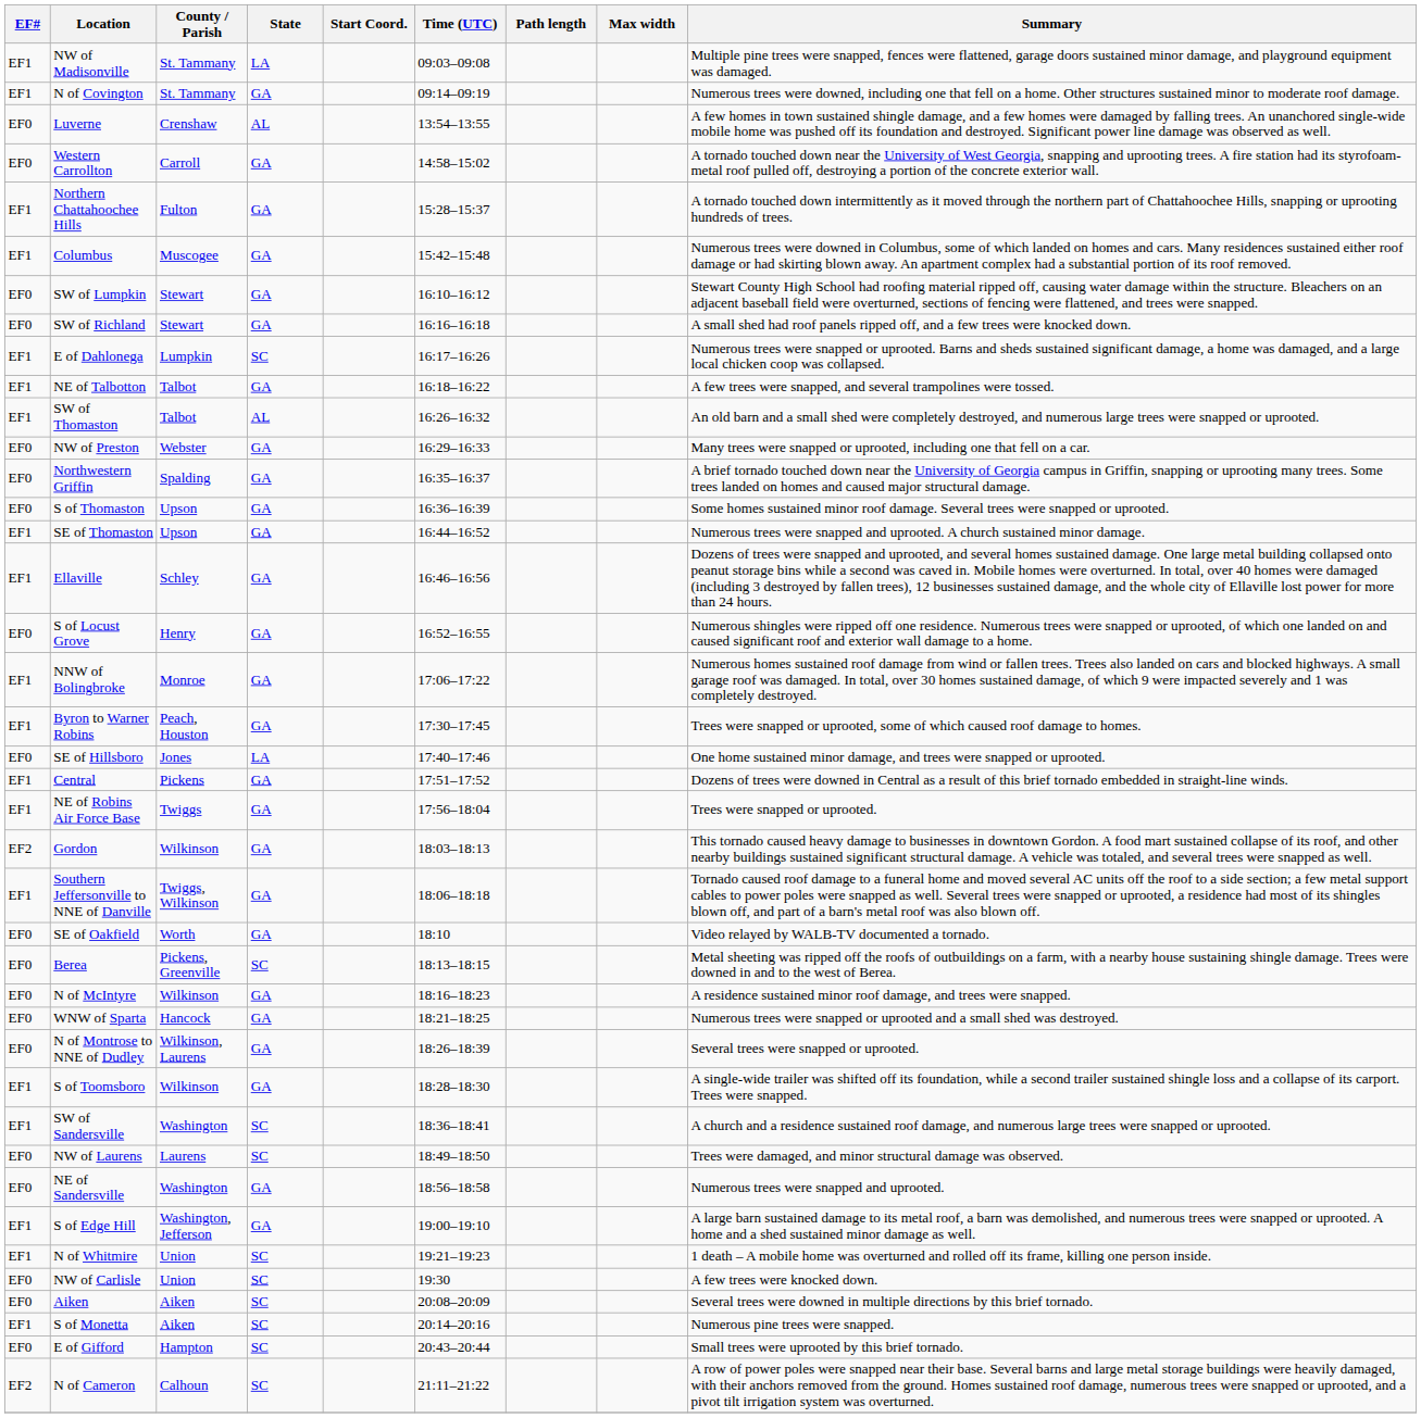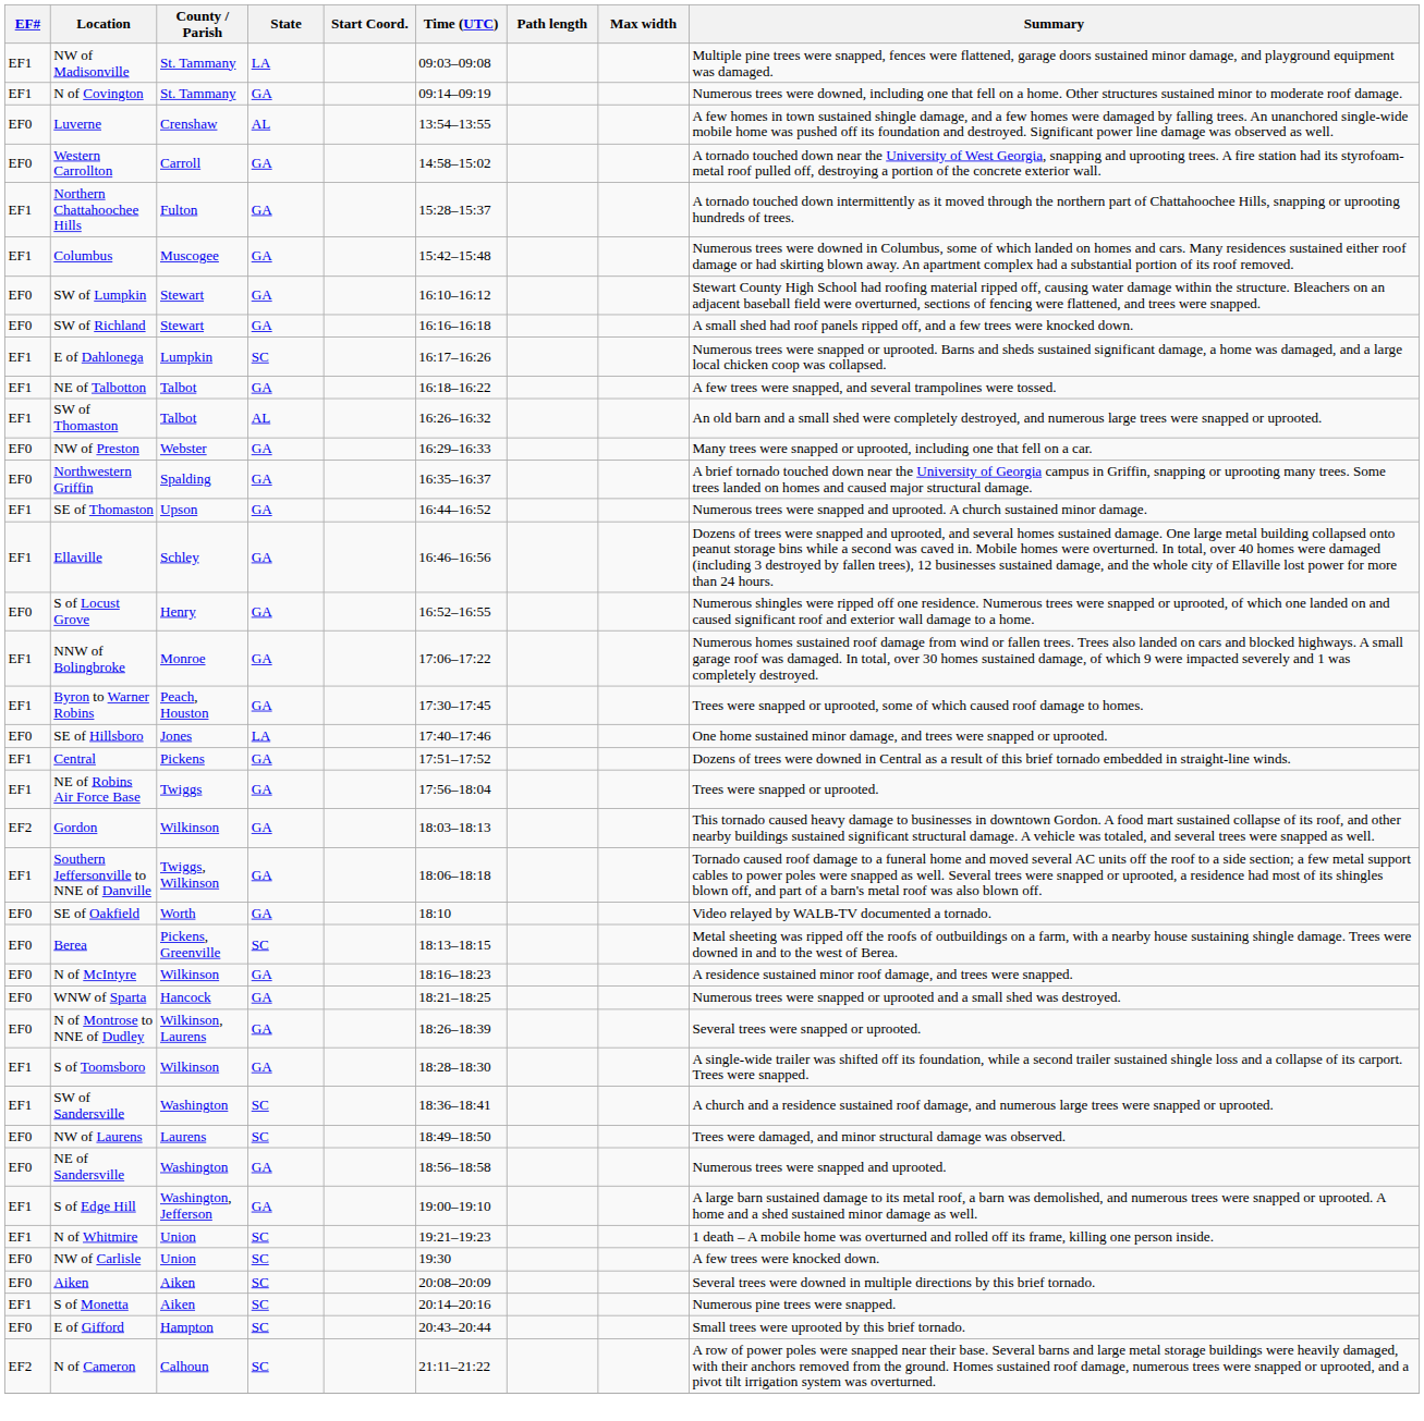 <table class="wikitable sortable" style="width:100%;">
 <tr>
 <th scope="col"  style="width:3%; text-align:center;"><a href='#'>EF#</a></th>
 <th scope="col"  style="width:7%; text-align:center;" class="unsortable">Location</th>
 <th scope="col"  style="width:6%; text-align:center;" class="unsortable">County / Parish</th>
 <th scope="col"  style="width:5%; text-align:center;">State</th>
 <th scope="col"  style="width:6%; text-align:center;">Start Coord.</th>
 <th scope="col"  style="width:6%; text-align:center;">Time (<a href='#'>UTC</a>)</th>
 <th scope="col"  style="width:6%; text-align:center;">Path length</th>
 <th scope="col"  style="width:6%; text-align:center;">Max width</th>
 <th scope="col" class="unsortable" style="width:48%; text-align:center;">Summary</th>
 </tr>
 <tr>
 <td>EF1</td>
 <td>NW of <a href='#'>Madisonville</a></td>
 <td><a href='#'>St. Tammany</a></td>
 <td><a href='#'>LA</a></td>
 <td></td>
 <td>09:03–09:08</td>
 <td></td>
 <td></td>
 <td>Multiple pine trees were snapped, fences were flattened, garage doors sustained minor damage, and playground equipment was damaged.</td>
 </tr>
 <tr>
 <td>EF1</td>
 <td>N of <a href='#'>Covington</a></td>
 <td><a href='#'>St. Tammany</a></td>
 <td><a href='#'>GA</a></td>
 <td></td>
 <td>09:14–09:19</td>
 <td></td>
 <td></td>
 <td>Numerous trees were downed, including one that fell on a home. Other structures sustained minor to moderate roof damage.</td>
 </tr>
 <tr>
 <td>EF0</td>
 <td><a href='#'>Luverne</a></td>
 <td><a href='#'>Crenshaw</a></td>
 <td><a href='#'>AL</a></td>
 <td></td>
 <td>13:54–13:55</td>
 <td></td>
 <td></td>
 <td>A few homes in town sustained shingle damage, and a few homes were damaged by falling trees. An unanchored single-wide mobile home was pushed off its foundation and destroyed. Significant power line damage was observed as well.</td>
 </tr>
 <tr>
 <td>EF0</td>
 <td><a href='#'>Western Carrollton</a></td>
 <td><a href='#'>Carroll</a></td>
 <td><a href='#'>GA</a></td>
 <td></td>
 <td>14:58–15:02</td>
 <td></td>
 <td></td>
 <td>A tornado touched down near the <a href='#'>University of West Georgia</a>, snapping and uprooting trees. A fire station had its styrofoam-metal roof pulled off, destroying a portion of the concrete exterior wall.</td>
 </tr>
 <tr>
 <td>EF1</td>
 <td><a href='#'>Northern Chattahoochee Hills</a></td>
 <td><a href='#'>Fulton</a></td>
 <td><a href='#'>GA</a></td>
 <td></td>
 <td>15:28–15:37</td>
 <td></td>
 <td></td>
 <td>A tornado touched down intermittently as it moved through the northern part of Chattahoochee Hills, snapping or uprooting hundreds of trees.</td>
 </tr>
 <tr>
 <td>EF1</td>
 <td><a href='#'>Columbus</a></td>
 <td><a href='#'>Muscogee</a></td>
 <td><a href='#'>GA</a></td>
 <td></td>
 <td>15:42–15:48</td>
 <td></td>
 <td></td>
 <td>Numerous trees were downed in Columbus, some of which landed on homes and cars. Many residences sustained either roof damage or had skirting blown away. An apartment complex had a substantial portion of its roof removed.</td>
 </tr>
 <tr>
 <td>EF0</td>
 <td>SW of <a href='#'>Lumpkin</a></td>
 <td><a href='#'>Stewart</a></td>
 <td><a href='#'>GA</a></td>
 <td></td>
 <td>16:10–16:12</td>
 <td></td>
 <td></td>
 <td>Stewart County High School had roofing material ripped off, causing water damage within the structure. Bleachers on an adjacent baseball field were overturned, sections of fencing were flattened, and trees were snapped.</td>
 </tr>
 <tr>
 <td>EF0</td>
 <td>SW of <a href='#'>Richland</a></td>
 <td><a href='#'>Stewart</a></td>
 <td><a href='#'>GA</a></td>
 <td></td>
 <td>16:16–16:18</td>
 <td></td>
 <td></td>
 <td>A small shed had roof panels ripped off, and a few trees were knocked down.</td>
 </tr>
 <tr>
 <td>EF1</td>
 <td>E of <a href='#'>Dahlonega</a></td>
 <td><a href='#'>Lumpkin</a></td>
 <td><a href='#'>SC</a></td>
 <td></td>
 <td>16:17–16:26</td>
 <td></td>
 <td></td>
 <td>Numerous trees were snapped or uprooted. Barns and sheds sustained significant damage, a home was damaged, and a large local chicken coop was collapsed.</td>
 </tr>
 <tr>
 <td>EF1</td>
 <td>NE of <a href='#'>Talbotton</a></td>
 <td><a href='#'>Talbot</a></td>
 <td><a href='#'>GA</a></td>
 <td></td>
 <td>16:18–16:22</td>
 <td></td>
 <td></td>
 <td>A few trees were snapped, and several trampolines were tossed.</td>
 </tr>
 <tr>
 <td>EF1</td>
 <td>SW of <a href='#'>Thomaston</a></td>
 <td><a href='#'>Talbot</a></td>
 <td><a href='#'>AL</a></td>
 <td></td>
 <td>16:26–16:32</td>
 <td></td>
 <td></td>
 <td>An old barn and a small shed were completely destroyed, and numerous large trees were snapped or uprooted.</td>
 </tr>
 <tr>
 <td>EF0</td>
 <td>NW of <a href='#'>Preston</a></td>
 <td><a href='#'>Webster</a></td>
 <td><a href='#'>GA</a></td>
 <td></td>
 <td>16:29–16:33</td>
 <td></td>
 <td></td>
 <td>Many trees were snapped or uprooted, including one that fell on a car.</td>
 </tr>
 <tr>
 <td>EF0</td>
 <td><a href='#'>Northwestern Griffin</a></td>
 <td><a href='#'>Spalding</a></td>
 <td><a href='#'>GA</a></td>
 <td></td>
 <td>16:35–16:37</td>
 <td></td>
 <td></td>
 <td>A brief tornado touched down near the <a href='#'>University of Georgia</a> campus in Griffin, snapping or uprooting many trees. Some trees landed on homes and caused major structural damage.</td>
-</tr>
-<tr>
-<td>EF0</td>
-<td>S of <a href='#'>Thomaston</a></td>
-<td><a href='#'>Upson</a></td>
-<td><a href='#'>GA</a></td>
-<td></td>
-<td>16:36–16:39</td>
-<td></td>
-<td></td>
-<td>Some homes sustained minor roof damage. Several trees were snapped or uprooted.</td>
 </tr>
 <tr>
 <td>EF1</td>
 <td>SE of <a href='#'>Thomaston</a></td>
 <td><a href='#'>Upson</a></td>
 <td><a href='#'>GA</a></td>
 <td></td>
 <td>16:44–16:52</td>
 <td></td>
 <td></td>
 <td>Numerous trees were snapped and uprooted. A church sustained minor damage.</td>
 </tr>
 <tr>
 <td>EF1</td>
 <td><a href='#'>Ellaville</a></td>
 <td><a href='#'>Schley</a></td>
 <td><a href='#'>GA</a></td>
 <td></td>
 <td>16:46–16:56</td>
 <td></td>
 <td></td>
 <td>Dozens of trees were snapped and uprooted, and several homes sustained damage. One large metal building collapsed onto peanut storage bins while a second was caved in. Mobile homes were overturned. In total, over 40 homes were damaged (including 3 destroyed by fallen trees), 12 businesses sustained damage, and the whole city of Ellaville lost power for more than 24 hours.</td>
 </tr>
 <tr>
 <td>EF0</td>
 <td>S of <a href='#'>Locust Grove</a></td>
 <td><a href='#'>Henry</a></td>
 <td><a href='#'>GA</a></td>
 <td></td>
 <td>16:52–16:55</td>
 <td></td>
 <td></td>
 <td>Numerous shingles were ripped off one residence. Numerous trees were snapped or uprooted, of which one landed on and caused significant roof and exterior wall damage to a home.</td>
 </tr>
 <tr>
 <td>EF1</td>
 <td>NNW of <a href='#'>Bolingbroke</a></td>
 <td><a href='#'>Monroe</a></td>
 <td><a href='#'>GA</a></td>
 <td></td>
 <td>17:06–17:22</td>
 <td></td>
 <td></td>
 <td>Numerous homes sustained roof damage from wind or fallen trees. Trees also landed on cars and blocked highways. A small garage roof was damaged. In total, over 30 homes sustained damage, of which 9 were impacted severely and 1 was completely destroyed.</td>
 </tr>
 <tr>
 <td>EF1</td>
 <td><a href='#'>Byron</a> to <a href='#'>Warner Robins</a></td>
 <td><a href='#'>Peach</a>, <a href='#'>Houston</a></td>
 <td><a href='#'>GA</a></td>
 <td></td>
 <td>17:30–17:45</td>
 <td></td>
 <td></td>
 <td>Trees were snapped or uprooted, some of which caused roof damage to homes.</td>
 </tr>
 <tr>
 <td>EF0</td>
 <td>SE of <a href='#'>Hillsboro</a></td>
 <td><a href='#'>Jones</a></td>
 <td><a href='#'>LA</a></td>
 <td></td>
 <td>17:40–17:46</td>
 <td></td>
 <td></td>
 <td>One home sustained minor damage, and trees were snapped or uprooted.</td>
 </tr>
 <tr>
 <td>EF1</td>
 <td><a href='#'>Central</a></td>
 <td><a href='#'>Pickens</a></td>
 <td><a href='#'>GA</a></td>
 <td></td>
 <td>17:51–17:52</td>
 <td></td>
 <td></td>
 <td>Dozens of trees were downed in Central as a result of this brief tornado embedded in straight-line winds.</td>
 </tr>
 <tr>
 <td>EF1</td>
 <td>NE of <a href='#'>Robins Air Force Base</a></td>
 <td><a href='#'>Twiggs</a></td>
 <td><a href='#'>GA</a></td>
 <td></td>
 <td>17:56–18:04</td>
 <td></td>
 <td></td>
 <td>Trees were snapped or uprooted.</td>
 </tr>
 <tr>
 <td>EF2</td>
 <td><a href='#'>Gordon</a></td>
 <td><a href='#'>Wilkinson</a></td>
 <td><a href='#'>GA</a></td>
 <td></td>
 <td>18:03–18:13</td>
 <td></td>
 <td></td>
 <td>This tornado caused heavy damage to businesses in downtown Gordon. A food mart sustained collapse of its roof, and other nearby buildings sustained significant structural damage. A vehicle was totaled, and several trees were snapped as well.</td>
 </tr>
 <tr>
 <td>EF1</td>
 <td><a href='#'>Southern Jeffersonville</a> to NNE of <a href='#'>Danville</a></td>
 <td><a href='#'>Twiggs</a>, <a href='#'>Wilkinson</a></td>
 <td><a href='#'>GA</a></td>
 <td></td>
 <td>18:06–18:18</td>
 <td></td>
 <td></td>
 <td>Tornado caused roof damage to a funeral home and moved several AC units off the roof to a side section; a few metal support cables to power poles were snapped as well. Several trees were snapped or uprooted, a residence had most of its shingles blown off, and part of a barn's metal roof was also blown off.</td>
 </tr>
 <tr>
 <td>EF0</td>
 <td>SE of <a href='#'>Oakfield</a></td>
 <td><a href='#'>Worth</a></td>
 <td><a href='#'>GA</a></td>
 <td></td>
 <td>18:10</td>
 <td></td>
 <td></td>
 <td>Video relayed by WALB-TV documented a tornado.</td>
 </tr>
 <tr>
 <td>EF0</td>
 <td><a href='#'>Berea</a></td>
 <td><a href='#'>Pickens</a>, <a href='#'>Greenville</a></td>
 <td><a href='#'>SC</a></td>
 <td></td>
 <td>18:13–18:15</td>
 <td></td>
 <td></td>
 <td>Metal sheeting was ripped off the roofs of outbuildings on a farm, with a nearby house sustaining shingle damage. Trees were downed in and to the west of Berea.</td>
 </tr>
 <tr>
 <td>EF0</td>
 <td>N of <a href='#'>McIntyre</a></td>
 <td><a href='#'>Wilkinson</a></td>
 <td><a href='#'>GA</a></td>
 <td></td>
 <td>18:16–18:23</td>
 <td></td>
 <td></td>
 <td>A residence sustained minor roof damage, and trees were snapped.</td>
 </tr>
 <tr>
 <td>EF0</td>
 <td>WNW of <a href='#'>Sparta</a></td>
 <td><a href='#'>Hancock</a></td>
 <td><a href='#'>GA</a></td>
 <td></td>
 <td>18:21–18:25</td>
 <td></td>
 <td></td>
 <td>Numerous trees were snapped or uprooted and a small shed was destroyed.</td>
 </tr>
 <tr>
 <td>EF0</td>
 <td>N of <a href='#'>Montrose</a> to NNE of <a href='#'>Dudley</a></td>
 <td><a href='#'>Wilkinson</a>, <a href='#'>Laurens</a></td>
 <td><a href='#'>GA</a></td>
 <td></td>
 <td>18:26–18:39</td>
 <td></td>
 <td></td>
 <td>Several trees were snapped or uprooted.</td>
 </tr>
 <tr>
 <td>EF1</td>
 <td>S of <a href='#'>Toomsboro</a></td>
 <td><a href='#'>Wilkinson</a></td>
 <td><a href='#'>GA</a></td>
 <td></td>
 <td>18:28–18:30</td>
 <td></td>
 <td></td>
 <td>A single-wide trailer was shifted off its foundation, while a second trailer sustained shingle loss and a collapse of its carport. Trees were snapped.</td>
 </tr>
 <tr>
 <td>EF1</td>
 <td>SW of <a href='#'>Sandersville</a></td>
 <td><a href='#'>Washington</a></td>
 <td><a href='#'>SC</a></td>
 <td></td>
 <td>18:36–18:41</td>
 <td></td>
 <td></td>
 <td>A church and a residence sustained roof damage, and numerous large trees were snapped or uprooted.</td>
 </tr>
 <tr>
 <td>EF0</td>
 <td>NW of <a href='#'>Laurens</a></td>
 <td><a href='#'>Laurens</a></td>
 <td><a href='#'>SC</a></td>
 <td></td>
 <td>18:49–18:50</td>
 <td></td>
 <td></td>
 <td>Trees were damaged, and minor structural damage was observed.</td>
 </tr>
 <tr>
 <td>EF0</td>
 <td>NE of <a href='#'>Sandersville</a></td>
 <td><a href='#'>Washington</a></td>
 <td><a href='#'>GA</a></td>
 <td></td>
 <td>18:56–18:58</td>
 <td></td>
 <td></td>
 <td>Numerous trees were snapped and uprooted.</td>
 </tr>
 <tr>
 <td>EF1</td>
 <td>S of <a href='#'>Edge Hill</a></td>
 <td><a href='#'>Washington</a>, <a href='#'>Jefferson</a></td>
 <td><a href='#'>GA</a></td>
 <td></td>
 <td>19:00–19:10</td>
 <td></td>
 <td></td>
 <td>A large barn sustained damage to its metal roof, a barn was demolished, and numerous trees were snapped or uprooted. A home and a shed sustained minor damage as well.</td>
 </tr>
 <tr>
 <td>EF1</td>
 <td>N of <a href='#'>Whitmire</a></td>
 <td><a href='#'>Union</a></td>
 <td><a href='#'>SC</a></td>
 <td></td>
 <td>19:21–19:23</td>
 <td></td>
 <td></td>
 <td>1 death – A mobile home was overturned and rolled off its frame, killing one person inside.</td>
 </tr>
 <tr>
 <td>EF0</td>
 <td>NW of <a href='#'>Carlisle</a></td>
 <td><a href='#'>Union</a></td>
 <td><a href='#'>SC</a></td>
 <td></td>
 <td>19:30</td>
 <td></td>
 <td></td>
 <td>A few trees were knocked down.</td>
 </tr>
 <tr>
 <td>EF0</td>
 <td><a href='#'>Aiken</a></td>
 <td><a href='#'>Aiken</a></td>
 <td><a href='#'>SC</a></td>
 <td></td>
 <td>20:08–20:09</td>
 <td></td>
 <td></td>
 <td>Several trees were downed in multiple directions by this brief tornado.</td>
 </tr>
 <tr>
 <td>EF1</td>
 <td>S of <a href='#'>Monetta</a></td>
 <td><a href='#'>Aiken</a></td>
 <td><a href='#'>SC</a></td>
 <td></td>
 <td>20:14–20:16</td>
 <td></td>
 <td></td>
 <td>Numerous pine trees were snapped.</td>
 </tr>
 <tr>
 <td>EF0</td>
 <td>E of <a href='#'>Gifford</a></td>
 <td><a href='#'>Hampton</a></td>
 <td><a href='#'>SC</a></td>
 <td></td>
 <td>20:43–20:44</td>
 <td></td>
 <td></td>
 <td>Small trees were uprooted by this brief tornado.</td>
 </tr>
 <tr>
 <td>EF2</td>
 <td>N of <a href='#'>Cameron</a></td>
 <td><a href='#'>Calhoun</a></td>
 <td><a href='#'>SC</a></td>
 <td></td>
 <td>21:11–21:22</td>
 <td></td>
 <td></td>
 <td>A row of power poles were snapped near their base. Several barns and large metal storage buildings were heavily damaged, with their anchors removed from the ground. Homes sustained roof damage, numerous trees were snapped or uprooted, and a pivot tilt irrigation system was overturned.</td>
 </tr>
 <tr>
 </tr>
 </table>
